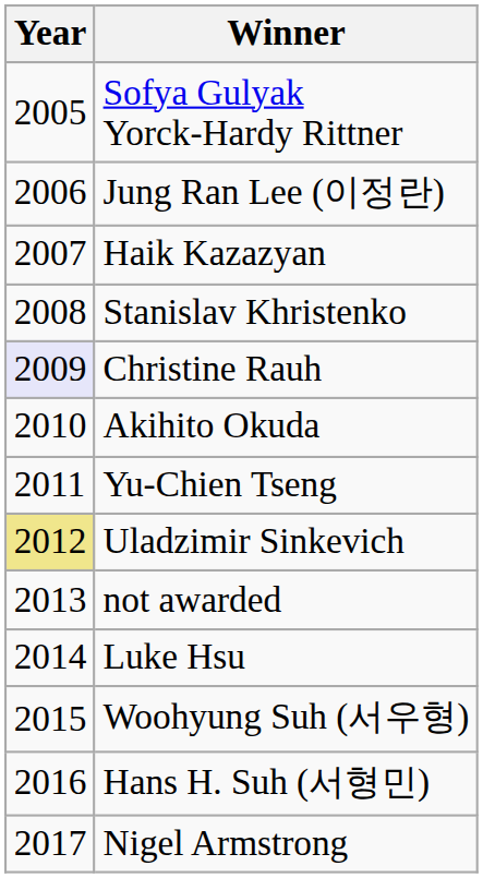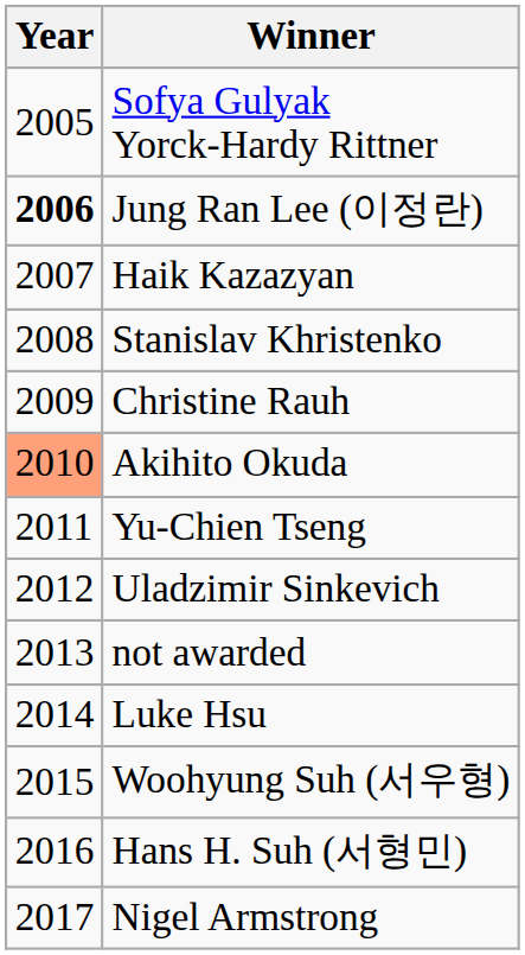 <table class="wikitable">
 <tr>
 <th>Year</th>
 <th>Winner</th>
 </tr>
 <tr>
 <td>2005</td>
 <td><a href='#'>Sofya Gulyak</a><br>Yorck-Hardy Rittner</td>
 </tr>
 <tr>
-<td>2006</td>
+<td><strong>2006</strong></td>
 <td>Jung Ran Lee (이정란)</td>
 </tr>
 <tr>
 <td>2007</td>
 <td>Haik Kazazyan</td>
 </tr>
 <tr>
 <td>2008</td>
 <td>Stanislav Khristenko</td>
 </tr>
 <tr>
-<td style="background: lavender;">2009</td>
+<td>2009</td>
 <td>Christine Rauh</td>
 </tr>
 <tr>
-<td>2010</td>
+<td style="background: lightsalmon;">2010</td>
 <td>Akihito Okuda</td>
 </tr>
 <tr>
 <td>2011</td>
 <td>Yu-Chien Tseng</td>
 </tr>
 <tr>
-<td style="background: khaki;">2012</td>
+<td>2012</td>
 <td>Uladzimir Sinkevich</td>
 </tr>
 <tr>
 <td>2013</td>
 <td>not awarded</td>
 </tr>
 <tr>
 <td>2014</td>
 <td>Luke Hsu</td>
 </tr>
 <tr>
 <td>2015</td>
 <td>Woohyung Suh (서우형)</td>
 </tr>
 <tr>
 <td>2016</td>
 <td>Hans H. Suh (서형민)</td>
 </tr>
 <tr>
 <td>2017</td>
 <td>Nigel Armstrong</td>
 </tr>
 </table>
